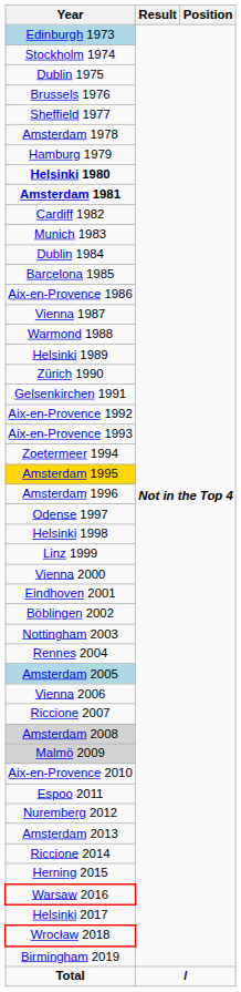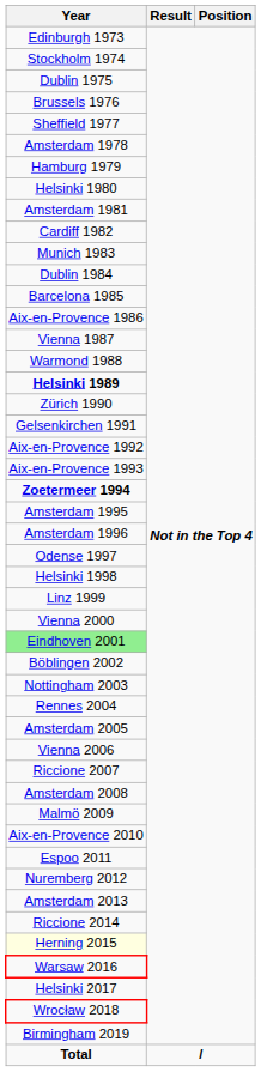 <table class="wikitable" style="text-align: center;">
 <tr>
 <th>Year</th>
 <th>Result</th>
 <th>Position</th>
 </tr>
 <tr>
-<td style="background: lightblue;"> <a href='#'>Edinburgh</a> 1973</td>
+<td> <a href='#'>Edinburgh</a> 1973</td>
 <td rowspan="47" colspan="2" align="center"><strong><em>Not in the Top 4</em></strong></td>
 </tr>
 <tr>
 <td> <a href='#'>Stockholm</a> 1974</td>
 </tr>
 <tr>
 <td> <a href='#'>Dublin</a> 1975</td>
 </tr>
 <tr>
 <td> <a href='#'>Brussels</a> 1976</td>
 </tr>
 <tr>
 <td> <a href='#'>Sheffield</a> 1977</td>
 </tr>
 <tr>
 <td> <a href='#'>Amsterdam</a> 1978</td>
 </tr>
 <tr>
 <td> <a href='#'>Hamburg</a> 1979</td>
 </tr>
 <tr>
-<td><strong> <a href='#'>Helsinki</a> 1980</strong></td>
+<td> <a href='#'>Helsinki</a> 1980</td>
 </tr>
 <tr>
-<td><strong> <a href='#'>Amsterdam</a> 1981</strong></td>
+<td> <a href='#'>Amsterdam</a> 1981</td>
 </tr>
 <tr>
 <td> <a href='#'>Cardiff</a> 1982</td>
 </tr>
 <tr>
 <td> <a href='#'>Munich</a> 1983</td>
 </tr>
 <tr>
 <td> <a href='#'>Dublin</a> 1984</td>
 </tr>
 <tr>
 <td> <a href='#'>Barcelona</a> 1985</td>
 </tr>
 <tr>
 <td> <a href='#'>Aix-en-Provence</a> 1986</td>
 </tr>
 <tr>
 <td> <a href='#'>Vienna</a> 1987</td>
 </tr>
 <tr>
 <td> <a href='#'>Warmond</a> 1988</td>
 </tr>
 <tr>
-<td> <a href='#'>Helsinki</a> 1989</td>
+<td><strong> <a href='#'>Helsinki</a> 1989</strong></td>
 </tr>
 <tr>
 <td> <a href='#'>Zürich</a> 1990</td>
 </tr>
 <tr>
 <td> <a href='#'>Gelsenkirchen</a> 1991</td>
 </tr>
 <tr>
 <td> <a href='#'>Aix-en-Provence</a> 1992</td>
 </tr>
 <tr>
 <td> <a href='#'>Aix-en-Provence</a> 1993</td>
 </tr>
 <tr>
-<td> <a href='#'>Zoetermeer</a> 1994</td>
+<td><strong> <a href='#'>Zoetermeer</a> 1994</strong></td>
 </tr>
 <tr>
-<td style="background: gold;"> <a href='#'>Amsterdam</a> 1995</td>
+<td> <a href='#'>Amsterdam</a> 1995</td>
 </tr>
 <tr>
 <td> <a href='#'>Amsterdam</a> 1996</td>
 </tr>
 <tr>
 <td> <a href='#'>Odense</a> 1997</td>
 </tr>
 <tr>
 <td> <a href='#'>Helsinki</a> 1998</td>
 </tr>
 <tr>
 <td> <a href='#'>Linz</a> 1999</td>
 </tr>
 <tr>
 <td> <a href='#'>Vienna</a> 2000</td>
 </tr>
 <tr>
-<td> <a href='#'>Eindhoven</a> 2001</td>
+<td style="background: lightgreen;"> <a href='#'>Eindhoven</a> 2001</td>
 </tr>
 <tr>
 <td> <a href='#'>Böblingen</a> 2002</td>
 </tr>
 <tr>
 <td> <a href='#'>Nottingham</a> 2003</td>
 </tr>
 <tr>
 <td> <a href='#'>Rennes</a> 2004</td>
 </tr>
 <tr>
-<td style="background: lightblue;"> <a href='#'>Amsterdam</a> 2005</td>
+<td> <a href='#'>Amsterdam</a> 2005</td>
 </tr>
 <tr>
 <td> <a href='#'>Vienna</a> 2006</td>
 </tr>
 <tr>
 <td> <a href='#'>Riccione</a> 2007</td>
 </tr>
 <tr>
-<td style="background: lightgrey;"> <a href='#'>Amsterdam</a> 2008</td>
+<td> <a href='#'>Amsterdam</a> 2008</td>
 </tr>
 <tr>
-<td style="background: lightgrey;"> <a href='#'>Malmö</a> 2009</td>
+<td> <a href='#'>Malmö</a> 2009</td>
 </tr>
 <tr>
 <td> <a href='#'>Aix-en-Provence</a> 2010</td>
 </tr>
 <tr>
 <td> <a href='#'>Espoo</a> 2011</td>
 </tr>
 <tr>
 <td> <a href='#'>Nuremberg</a> 2012</td>
 </tr>
 <tr>
 <td> <a href='#'>Amsterdam</a> 2013</td>
 </tr>
 <tr>
 <td> <a href='#'>Riccione</a> 2014</td>
 </tr>
 <tr>
-<td> <a href='#'>Herning</a> 2015</td>
+<td style="background: lightyellow;"> <a href='#'>Herning</a> 2015</td>
 </tr>
 <tr>
 <td style="border: 2px solid red"> <a href='#'>Warsaw</a> 2016</td>
 </tr>
 <tr>
 <td> <a href='#'>Helsinki</a> 2017</td>
 </tr>
 <tr>
 <td style="border: 2px solid red"> <a href='#'>Wrocław</a> 2018</td>
 </tr>
 <tr>
 <td> <a href='#'>Birmingham</a> 2019</td>
 </tr>
 <tr>
 <td><strong>Total</strong></td>
 <td rowspan="1" colspan="2" align="center"><strong>/</strong></td>
 </tr>
 </table>
